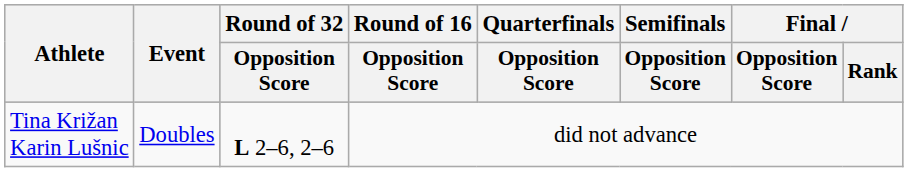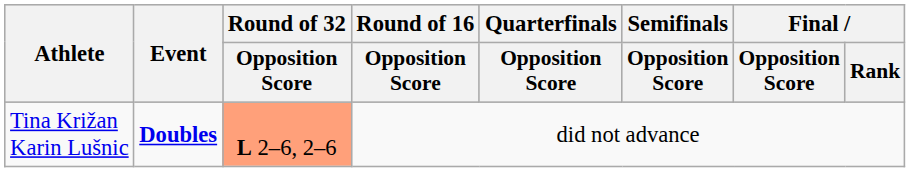 <table class=wikitable style="font-size:90%">
 <tr>
 <th rowspan=2>Athlete</th>
 <th rowspan=2>Event</th>
 <th>Round of 32</th>
 <th>Round of 16</th>
 <th>Quarterfinals</th>
 <th>Semifinals</th>
 <th colspan=2>Final / </th>
 </tr>
 <tr style="font-size:95%">
 <th>Opposition<br>Score</th>
 <th>Opposition<br>Score</th>
 <th>Opposition<br>Score</th>
 <th>Opposition<br>Score</th>
 <th>Opposition<br>Score</th>
 <th>Rank</th>
 </tr>
 <tr align=center>
 <td align=left><a href='#'>Tina Križan</a><br><a href='#'>Karin Lušnic</a></td>
-<td><a href='#'>Doubles</a></td>
-<td><br><strong>L</strong> 2–6, 2–6</td>
+<td><strong><a href='#'>Doubles</a></strong></td>
+<td style="background: lightsalmon;"><br><strong>L</strong> 2–6, 2–6</td>
 <td colspan=6>did not advance</td>
 </tr>
 </table>
